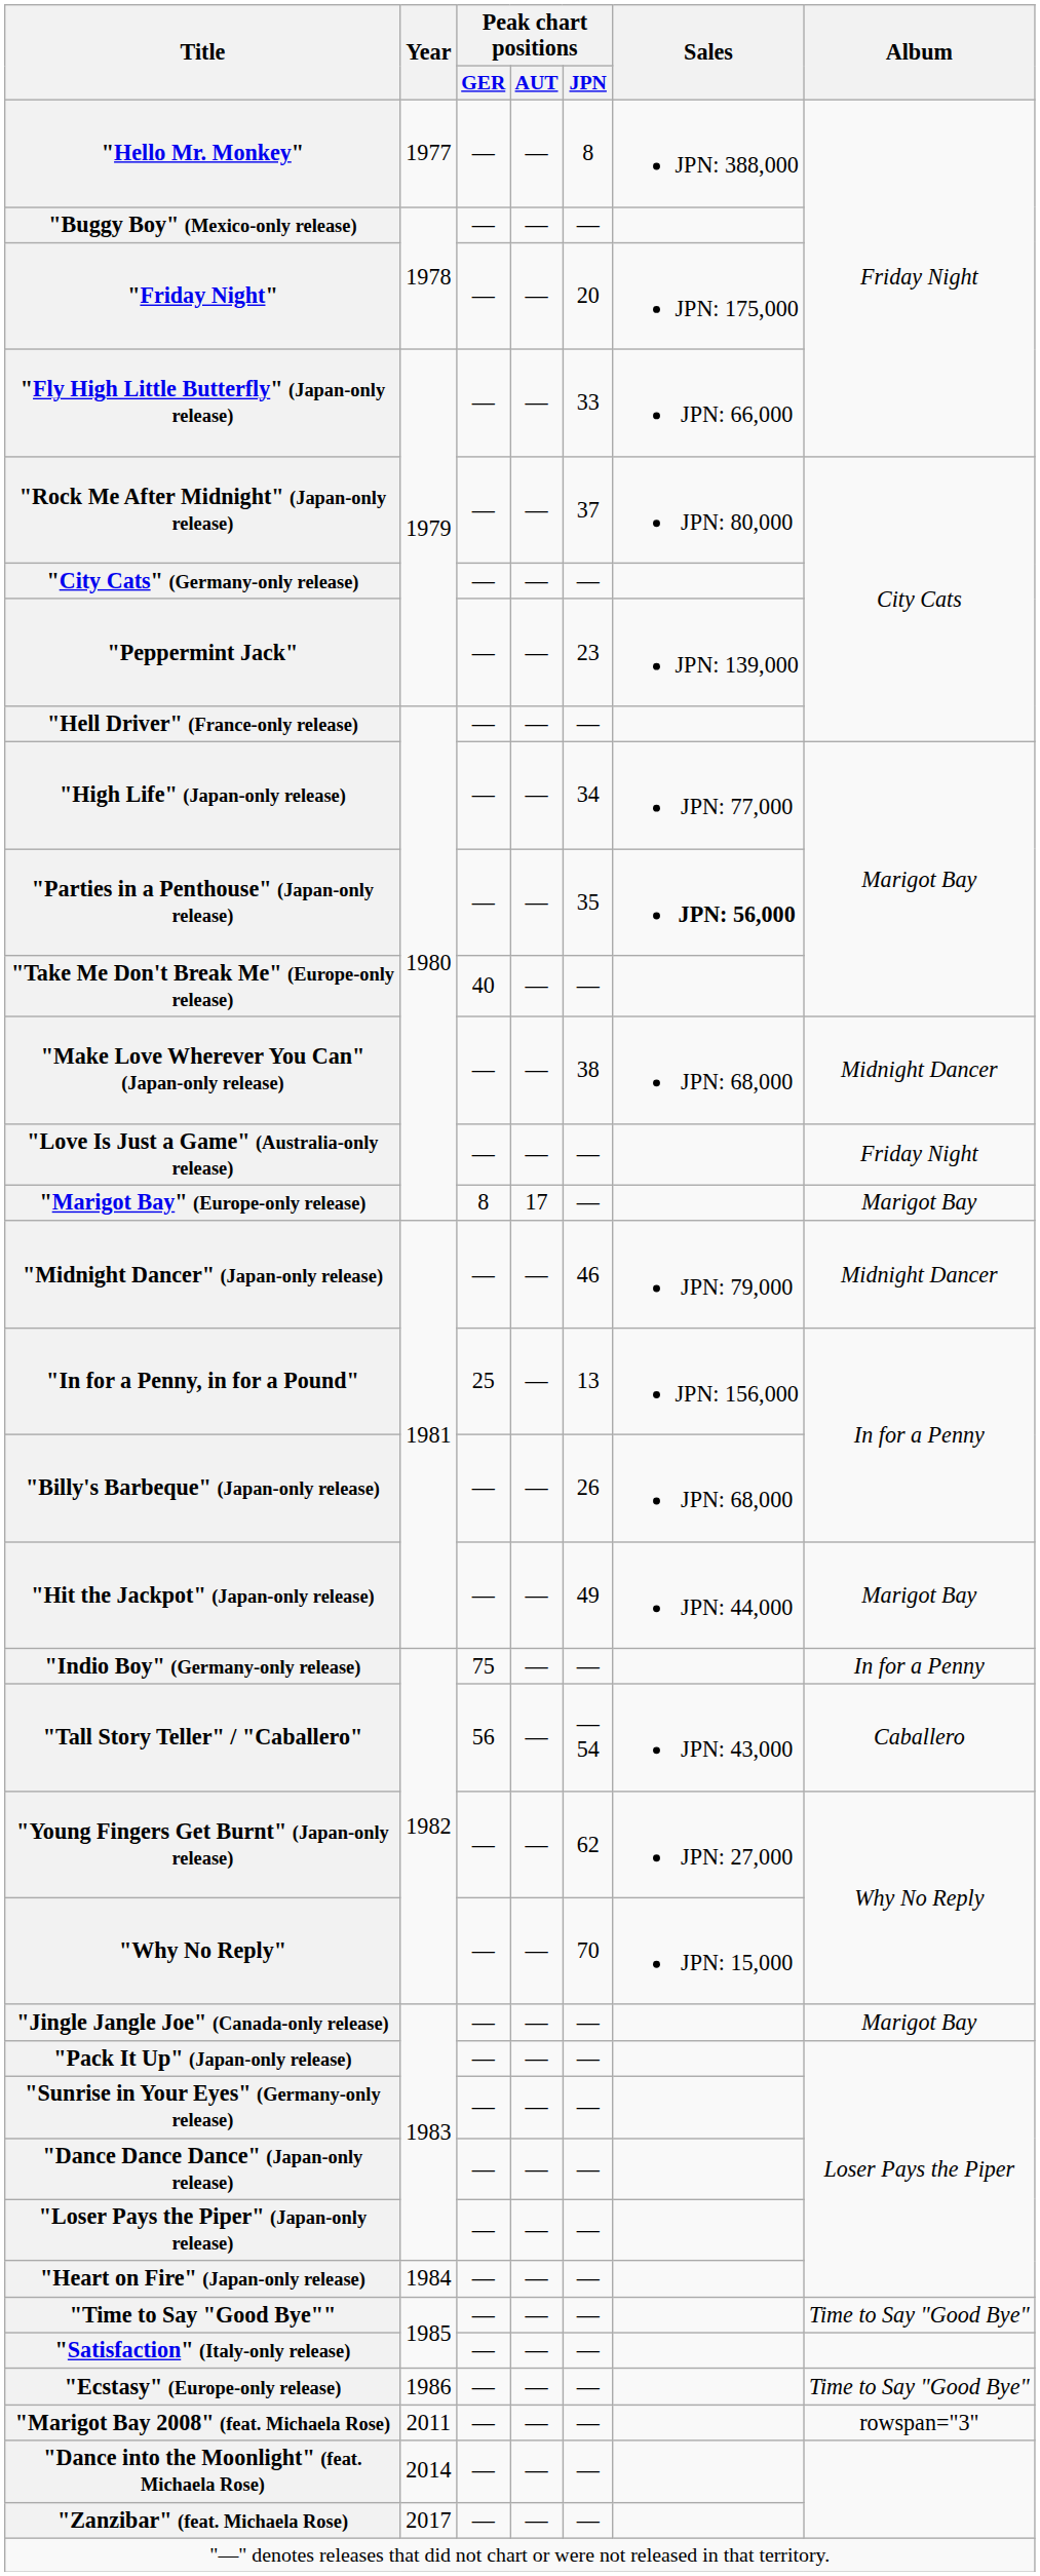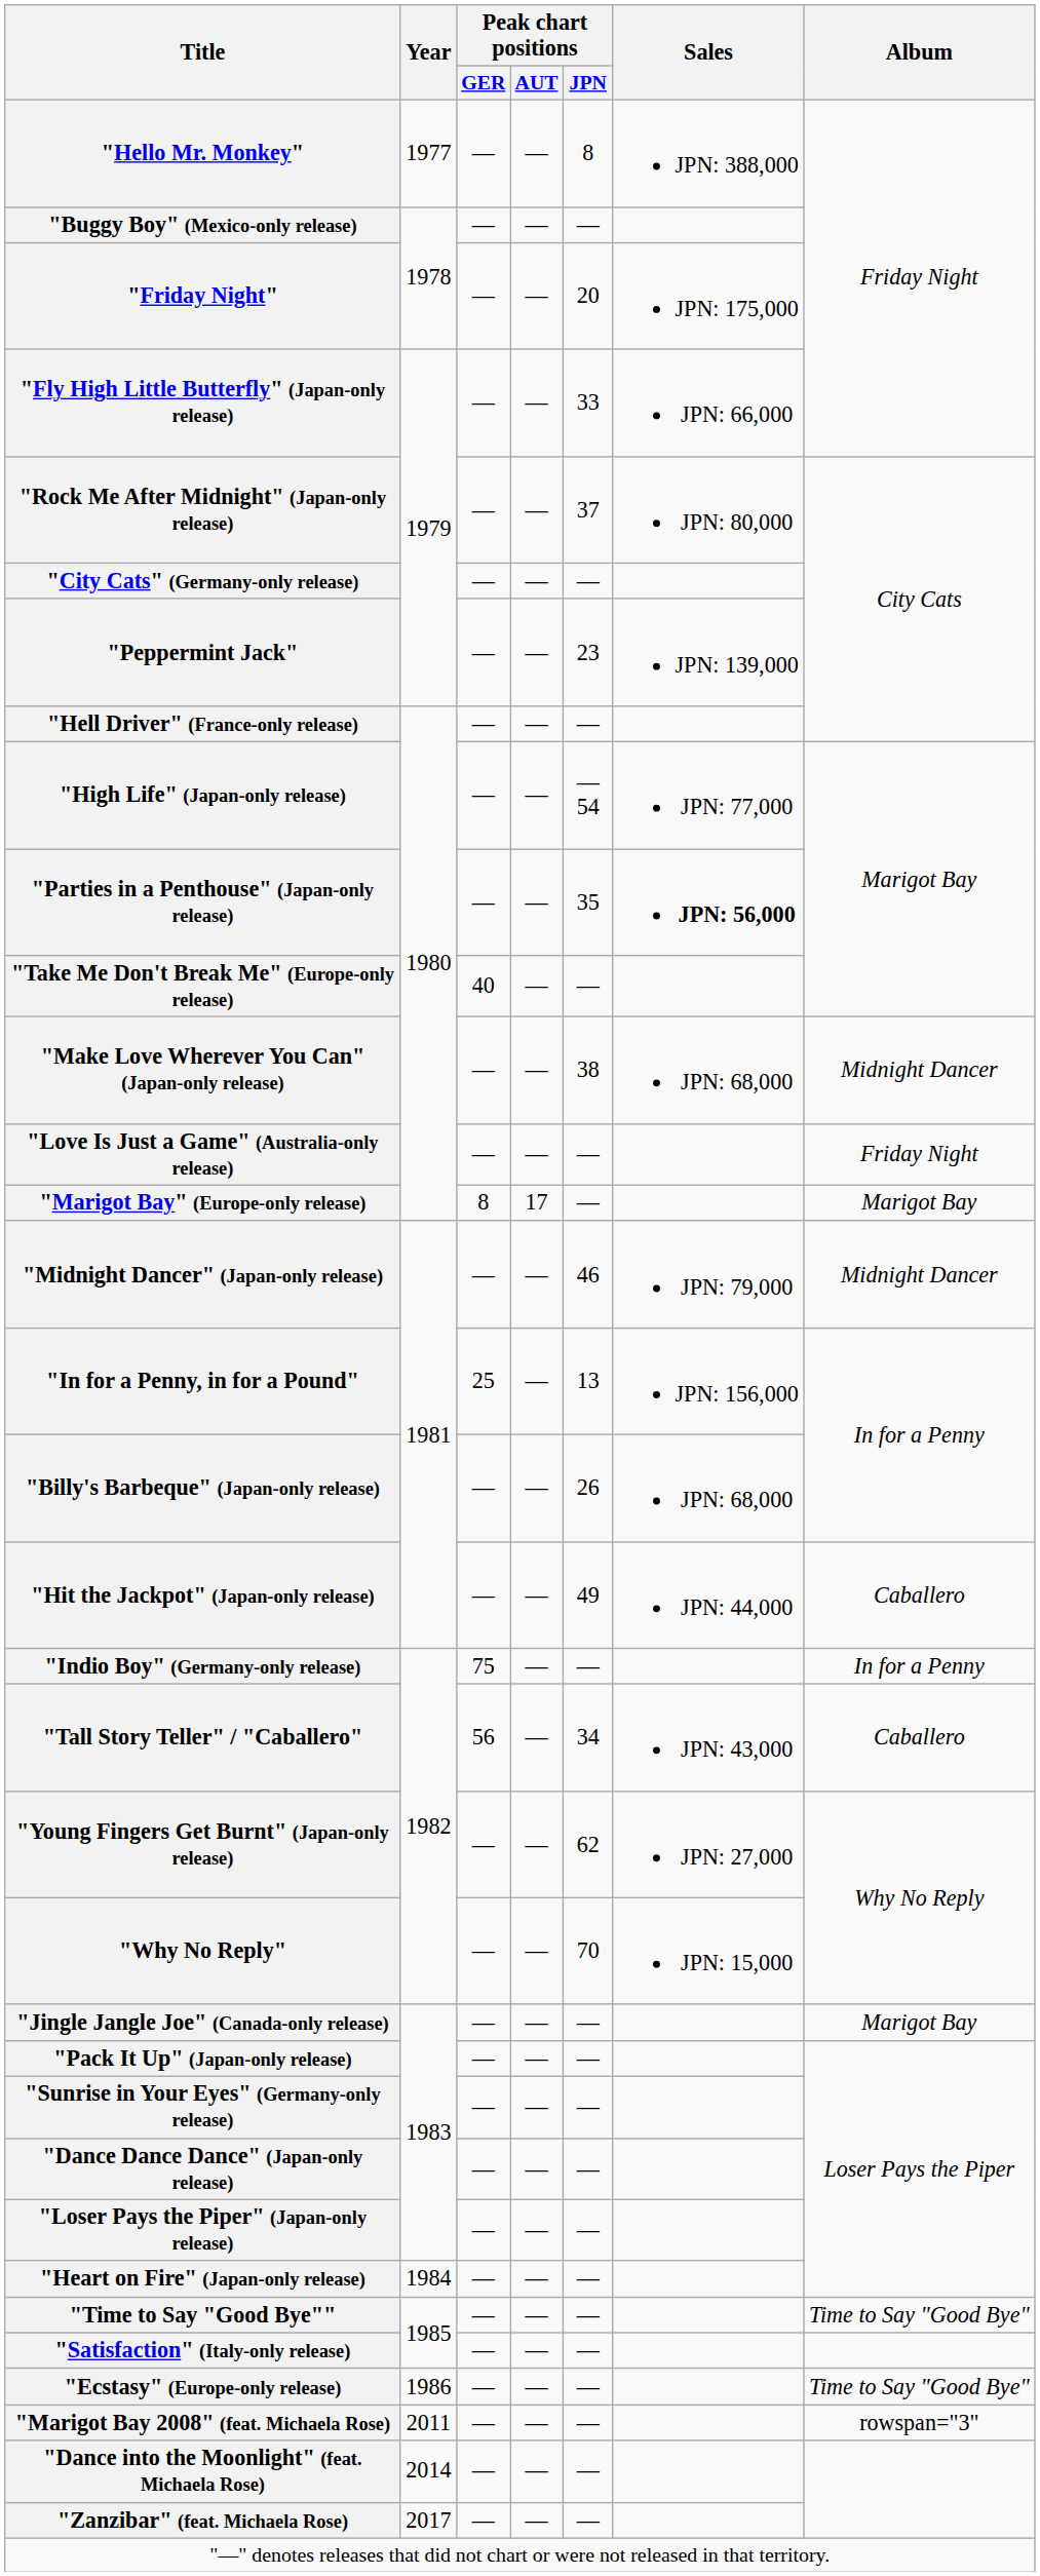 <table class="wikitable plainrowheaders" style="text-align:center;">
 <tr>
 <th rowspan="2" scope="col" style="width:17em;">Title</th>
 <th rowspan="2" scope="col" style="width:2em;">Year</th>
 <th colspan="3">Peak chart positions</th>
 <th rowspan="2">Sales</th>
 <th rowspan="2">Album</th>
 </tr>
 <tr>
 <th scope="col" style="width:2em;font-size:90%;"><a href='#'>GER</a><br></th>
 <th scope="col" style="width:2em;font-size:90%;"><a href='#'>AUT</a><br></th>
 <th scope="col" style="width:2em;font-size:90%;"><a href='#'>JPN</a><br></th>
 </tr>
 <tr>
 <th scope="row">"<a href='#'>Hello Mr. Monkey</a>"</th>
 <td>1977</td>
 <td>—</td>
 <td>—</td>
 <td>8</td>
 <td><br><ul><li>JPN: 388,000</li></ul></td>
 <td rowspan="4"><em>Friday Night</em></td>
 </tr>
 <tr>
 <th scope="row">"Buggy Boy" <small>(Mexico-only release)</small></th>
 <td rowspan="2">1978</td>
 <td>—</td>
 <td>—</td>
 <td>—</td>
 <td></td>
 </tr>
 <tr>
 <th scope="row">"<a href='#'>Friday Night</a>"</th>
 <td>—</td>
 <td>—</td>
 <td>20</td>
 <td><br><ul><li>JPN: 175,000</li></ul></td>
 </tr>
 <tr>
 <th scope="row">"<a href='#'>Fly High Little Butterfly</a>" <small>(Japan-only release)</small></th>
 <td rowspan="4">1979</td>
 <td>—</td>
 <td>—</td>
 <td>33</td>
 <td><br><ul><li>JPN: 66,000</li></ul></td>
 </tr>
 <tr>
 <th scope="row">"Rock Me After Midnight" <small>(Japan-only release)</small></th>
 <td>—</td>
 <td>—</td>
 <td>37</td>
 <td><br><ul><li>JPN: 80,000</li></ul></td>
 <td rowspan="4"><em>City Cats</em></td>
 </tr>
 <tr>
 <th scope="row">"<a href='#'>City Cats</a>" <small>(Germany-only release)</small></th>
 <td>—</td>
 <td>—</td>
 <td>—</td>
 <td></td>
 </tr>
 <tr>
 <th scope="row">"Peppermint Jack"</th>
 <td>—</td>
 <td>—</td>
 <td>23</td>
 <td><br><ul><li>JPN: 139,000</li></ul></td>
 </tr>
 <tr>
 <th scope="row">"Hell Driver" <small>(France-only release)</small></th>
 <td rowspan="7">1980</td>
 <td>—</td>
 <td>—</td>
 <td>—</td>
 <td></td>
 </tr>
 <tr>
 <th scope="row">"High Life" <small>(Japan-only release)</small></th>
 <td>—</td>
 <td>—</td>
-<td>34</td>
+<td>—<br>54</td>
 <td><br><ul><li>JPN: 77,000</li></ul></td>
 <td rowspan="3"><em>Marigot Bay</em></td>
 </tr>
 <tr>
 <th scope="row">"Parties in a Penthouse" <small>(Japan-only release)</small></th>
 <td>—</td>
 <td>—</td>
 <td>35</td>
 <td><strong><br><ul><li>JPN: 56,000</li></ul></strong></td>
 </tr>
 <tr>
 <th scope="row">"Take Me Don't Break Me" <small>(Europe-only release)</small></th>
 <td>40</td>
 <td>—</td>
 <td>—</td>
 <td></td>
 </tr>
 <tr>
 <th scope="row">"Make Love Wherever You Can" <small>(Japan-only release)</small></th>
 <td>—</td>
 <td>—</td>
 <td>38</td>
 <td><br><ul><li>JPN: 68,000</li></ul></td>
 <td><em>Midnight Dancer</em></td>
 </tr>
 <tr>
 <th scope="row">"Love Is Just a Game" <small>(Australia-only release)</small></th>
 <td>—</td>
 <td>—</td>
 <td>—</td>
 <td></td>
 <td><em>Friday Night</em></td>
 </tr>
 <tr>
 <th scope="row">"<a href='#'>Marigot Bay</a>" <small>(Europe-only release)</small></th>
 <td>8</td>
 <td>17</td>
 <td>—</td>
 <td></td>
 <td><em>Marigot Bay</em></td>
 </tr>
 <tr>
 <th scope="row">"Midnight Dancer" <small>(Japan-only release)</small></th>
 <td rowspan="4">1981</td>
 <td>—</td>
 <td>—</td>
 <td>46</td>
 <td><br><ul><li>JPN: 79,000</li></ul></td>
 <td><em>Midnight Dancer</em></td>
 </tr>
 <tr>
 <th scope="row">"In for a Penny, in for a Pound"</th>
 <td>25</td>
 <td>—</td>
 <td>13</td>
 <td><br><ul><li>JPN: 156,000</li></ul></td>
 <td rowspan="2"><em>In for a Penny</em></td>
 </tr>
 <tr>
 <th scope="row">"Billy's Barbeque" <small>(Japan-only release)</small></th>
 <td>—</td>
 <td>—</td>
 <td>26</td>
 <td><br><ul><li>JPN: 68,000</li></ul></td>
 </tr>
 <tr>
 <th scope="row">"Hit the Jackpot" <small>(Japan-only release)</small></th>
 <td>—</td>
 <td>—</td>
 <td>49</td>
 <td><br><ul><li>JPN: 44,000</li></ul></td>
-<td><em>Marigot Bay</em></td>
+<td><em>Caballero</em></td>
 </tr>
 <tr>
 <th scope="row">"Indio Boy" <small>(Germany-only release)</small></th>
 <td rowspan="4">1982</td>
 <td>75</td>
 <td>—</td>
 <td>—</td>
 <td></td>
 <td><em>In for a Penny</em></td>
 </tr>
 <tr>
 <th scope="row">"Tall Story Teller" / "Caballero" </th>
 <td>56</td>
 <td>—</td>
-<td>—<br>54</td>
+<td>34</td>
 <td><br><ul><li>JPN: 43,000</li></ul></td>
 <td><em>Caballero</em></td>
 </tr>
 <tr>
 <th scope="row">"Young Fingers Get Burnt" <small>(Japan-only release)</small></th>
 <td>—</td>
 <td>—</td>
 <td>62</td>
 <td><br><ul><li>JPN: 27,000</li></ul></td>
 <td rowspan="2"><em>Why No Reply</em></td>
 </tr>
 <tr>
 <th scope="row">"Why No Reply"</th>
 <td>—</td>
 <td>—</td>
 <td>70</td>
 <td><br><ul><li>JPN: 15,000</li></ul></td>
 </tr>
 <tr>
 <th scope="row">"Jingle Jangle Joe" <small>(Canada-only release)</small></th>
 <td rowspan="5">1983</td>
 <td>—</td>
 <td>—</td>
 <td>—</td>
 <td></td>
 <td><em>Marigot Bay</em></td>
 </tr>
 <tr>
 <th scope="row">"Pack It Up" <small>(Japan-only release)</small></th>
 <td>—</td>
 <td>—</td>
 <td>—</td>
 <td></td>
 <td rowspan="5"><em>Loser Pays the Piper</em></td>
 </tr>
 <tr>
 <th scope="row">"Sunrise in Your Eyes" <small>(Germany-only release)</small></th>
 <td>—</td>
 <td>—</td>
 <td>—</td>
 <td></td>
 </tr>
 <tr>
 <th scope="row">"Dance Dance Dance" <small>(Japan-only release)</small></th>
 <td>—</td>
 <td>—</td>
 <td>—</td>
 <td></td>
 </tr>
 <tr>
 <th scope="row">"Loser Pays the Piper" <small>(Japan-only release)</small></th>
 <td>—</td>
 <td>—</td>
 <td>—</td>
 <td></td>
 </tr>
 <tr>
 <th scope="row">"Heart on Fire" <small>(Japan-only release)</small></th>
 <td>1984</td>
 <td>—</td>
 <td>—</td>
 <td>—</td>
 <td></td>
 </tr>
 <tr>
 <th scope="row">"Time to Say "Good Bye""</th>
 <td rowspan="2">1985</td>
 <td>—</td>
 <td>—</td>
 <td>—</td>
 <td></td>
 <td><em>Time to Say "Good Bye"</em></td>
 </tr>
 <tr>
 <th scope="row">"<a href='#'>Satisfaction</a>" <small>(Italy-only release)</small></th>
 <td>—</td>
 <td>—</td>
 <td>—</td>
 <td></td>
 <td></td>
 </tr>
 <tr>
 <th scope="row">"Ecstasy" <small>(Europe-only release)</small></th>
 <td>1986</td>
 <td>—</td>
 <td>—</td>
 <td>—</td>
 <td></td>
 <td><em>Time to Say "Good Bye"</em></td>
 </tr>
 <tr>
 <th scope="row">"Marigot Bay 2008" <small>(feat. Michaela Rose)</small></th>
 <td>2011</td>
 <td>—</td>
 <td>—</td>
 <td>—</td>
 <td></td>
 <td>rowspan="3" </td>
 </tr>
 <tr>
 <th scope="row">"Dance into the Moonlight" <small>(feat. Michaela Rose)</small></th>
 <td>2014</td>
 <td>—</td>
 <td>—</td>
 <td>—</td>
 <td></td>
 </tr>
 <tr>
 <th scope="row">"Zanzibar" <small>(feat. Michaela Rose)</small></th>
 <td>2017</td>
 <td>—</td>
 <td>—</td>
 <td>—</td>
 <td></td>
 </tr>
 <tr>
 <td colspan="7" style="font-size:90%">"—" denotes releases that did not chart or were not released in that territory.</td>
 </tr>
 </table>
